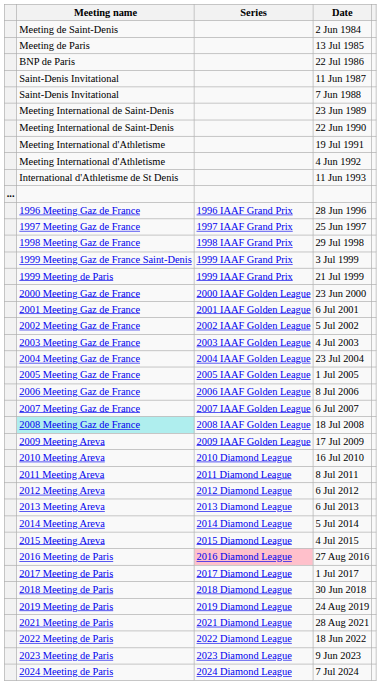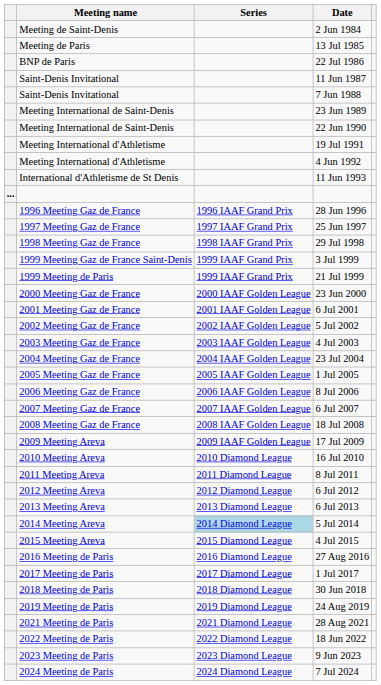 <table class="wikitable plainrowheaders sticky-header defaultleft col4right">
 <tr>
 <th scope="col"></th>
 <th scope="col">Meeting name</th>
 <th scope="col">Series</th>
 <th scope="col">Date</th>
 <th scope="col"></th>
 </tr>
 <tr>
 <th scope="row"></th>
 <td>Meeting de Saint-Denis</td>
 <td></td>
 <td>2 Jun 1984</td>
 <td></td>
 </tr>
 <tr>
 <th scope="row"></th>
 <td>Meeting de Paris</td>
 <td></td>
 <td>13 Jul 1985</td>
 <td></td>
 </tr>
 <tr>
 <th scope="row"></th>
 <td>BNP de Paris</td>
 <td></td>
 <td>22 Jul 1986</td>
 <td></td>
 </tr>
 <tr>
 <th scope="row"></th>
 <td>Saint-Denis Invitational</td>
 <td></td>
 <td>11 Jun 1987</td>
 <td></td>
 </tr>
 <tr>
 <th scope="row"></th>
 <td>Saint-Denis Invitational</td>
 <td></td>
 <td>7 Jun 1988</td>
 <td></td>
 </tr>
 <tr>
 <th scope="row"></th>
 <td>Meeting International de Saint-Denis</td>
 <td></td>
 <td>23 Jun 1989</td>
 <td></td>
 </tr>
 <tr>
 <th scope="row"></th>
 <td>Meeting International de Saint-Denis</td>
 <td></td>
 <td>22 Jun 1990</td>
 <td></td>
 </tr>
 <tr>
 <th scope="row"></th>
 <td>Meeting International d'Athletisme</td>
 <td></td>
 <td>19 Jul 1991</td>
 <td></td>
 </tr>
 <tr>
 <th scope="row"></th>
 <td>Meeting International d'Athletisme</td>
 <td></td>
 <td>4 Jun 1992</td>
 <td></td>
 </tr>
 <tr>
 <th scope="row"></th>
 <td>International d'Athletisme de St Denis</td>
 <td></td>
 <td>11 Jun 1993</td>
 <td></td>
 </tr>
 <tr>
 <th scope="row">...</th>
 <td></td>
 <td></td>
 <td></td>
 <td></td>
 </tr>
 <tr>
 <th scope="row"></th>
 <td><a href='#'>1996 Meeting Gaz de France</a></td>
 <td><a href='#'>1996 IAAF Grand Prix</a></td>
 <td>28 Jun 1996</td>
 <td></td>
 </tr>
 <tr>
 <th scope="row"></th>
 <td><a href='#'>1997 Meeting Gaz de France</a></td>
 <td><a href='#'>1997 IAAF Grand Prix</a></td>
 <td>25 Jun 1997</td>
 <td></td>
 </tr>
 <tr>
 <th scope="row"></th>
 <td><a href='#'>1998 Meeting Gaz de France</a></td>
 <td><a href='#'>1998 IAAF Grand Prix</a></td>
 <td>29 Jul 1998</td>
 <td></td>
 </tr>
 <tr>
 <th scope="row"></th>
 <td><a href='#'>1999 Meeting Gaz de France Saint-Denis</a></td>
 <td><a href='#'>1999 IAAF Grand Prix</a></td>
 <td>3 Jul 1999</td>
 <td></td>
 </tr>
 <tr>
 <th scope="row"></th>
 <td><a href='#'>1999 Meeting de Paris</a></td>
 <td><a href='#'>1999 IAAF Grand Prix</a></td>
 <td>21 Jul 1999</td>
 <td></td>
 </tr>
 <tr>
 <th scope="row"></th>
 <td><a href='#'>2000 Meeting Gaz de France</a></td>
 <td><a href='#'>2000 IAAF Golden League</a></td>
 <td>23 Jun 2000</td>
 <td></td>
 </tr>
 <tr>
 <th scope="row"></th>
 <td><a href='#'>2001 Meeting Gaz de France</a></td>
 <td><a href='#'>2001 IAAF Golden League</a></td>
 <td>6 Jul 2001</td>
 <td></td>
 </tr>
 <tr>
 <th scope="row"></th>
 <td><a href='#'>2002 Meeting Gaz de France</a></td>
 <td><a href='#'>2002 IAAF Golden League</a></td>
 <td>5 Jul 2002</td>
 <td></td>
 </tr>
 <tr>
 <th scope="row"></th>
 <td><a href='#'>2003 Meeting Gaz de France</a></td>
 <td><a href='#'>2003 IAAF Golden League</a></td>
 <td>4 Jul 2003</td>
 <td></td>
 </tr>
 <tr>
 <th scope="row"></th>
 <td><a href='#'>2004 Meeting Gaz de France</a></td>
 <td><a href='#'>2004 IAAF Golden League</a></td>
 <td>23 Jul 2004</td>
 <td></td>
 </tr>
 <tr>
 <th scope="row"></th>
 <td><a href='#'>2005 Meeting Gaz de France</a></td>
 <td><a href='#'>2005 IAAF Golden League</a></td>
 <td>1 Jul 2005</td>
 <td></td>
 </tr>
 <tr>
 <th scope="row"></th>
 <td><a href='#'>2006 Meeting Gaz de France</a></td>
 <td><a href='#'>2006 IAAF Golden League</a></td>
 <td>8 Jul 2006</td>
 <td></td>
 </tr>
 <tr>
 <th scope="row"></th>
 <td><a href='#'>2007 Meeting Gaz de France</a></td>
 <td><a href='#'>2007 IAAF Golden League</a></td>
 <td>6 Jul 2007</td>
 <td></td>
 </tr>
 <tr>
 <th scope="row"></th>
-<td style="background: paleturquoise;"><a href='#'>2008 Meeting Gaz de France</a></td>
+<td><a href='#'>2008 Meeting Gaz de France</a></td>
 <td><a href='#'>2008 IAAF Golden League</a></td>
 <td>18 Jul 2008</td>
 <td></td>
 </tr>
 <tr>
 <th scope="row"></th>
 <td><a href='#'>2009 Meeting Areva</a></td>
 <td><a href='#'>2009 IAAF Golden League</a></td>
 <td>17 Jul 2009</td>
 <td></td>
 </tr>
 <tr>
 <th scope="row"></th>
 <td><a href='#'>2010 Meeting Areva</a></td>
 <td><a href='#'>2010 Diamond League</a></td>
 <td>16 Jul 2010</td>
 <td></td>
 </tr>
 <tr>
 <th scope="row"></th>
 <td><a href='#'>2011 Meeting Areva</a></td>
 <td><a href='#'>2011 Diamond League</a></td>
 <td>8 Jul 2011</td>
 <td></td>
 </tr>
 <tr>
 <th scope="row"></th>
 <td><a href='#'>2012 Meeting Areva</a></td>
 <td><a href='#'>2012 Diamond League</a></td>
 <td>6 Jul 2012</td>
 <td></td>
 </tr>
 <tr>
 <th scope="row"></th>
 <td><a href='#'>2013 Meeting Areva</a></td>
 <td><a href='#'>2013 Diamond League</a></td>
 <td>6 Jul 2013</td>
 <td></td>
 </tr>
 <tr>
 <th scope="row"></th>
 <td><a href='#'>2014 Meeting Areva</a></td>
-<td><a href='#'>2014 Diamond League</a></td>
+<td style="background: lightblue;"><a href='#'>2014 Diamond League</a></td>
 <td>5 Jul 2014</td>
 <td></td>
 </tr>
 <tr>
 <th scope="row"></th>
 <td><a href='#'>2015 Meeting Areva</a></td>
 <td><a href='#'>2015 Diamond League</a></td>
 <td>4 Jul 2015</td>
 <td></td>
 </tr>
 <tr>
 <th scope="row"></th>
 <td><a href='#'>2016 Meeting de Paris</a></td>
-<td style="background: pink;"><a href='#'>2016 Diamond League</a></td>
+<td><a href='#'>2016 Diamond League</a></td>
 <td>27 Aug 2016</td>
 <td></td>
 </tr>
 <tr>
 <th scope="row"></th>
 <td><a href='#'>2017 Meeting de Paris</a></td>
 <td><a href='#'>2017 Diamond League</a></td>
 <td>1 Jul 2017</td>
 <td></td>
 </tr>
 <tr>
 <th scope="row"></th>
 <td><a href='#'>2018 Meeting de Paris</a></td>
 <td><a href='#'>2018 Diamond League</a></td>
 <td>30 Jun 2018</td>
 <td></td>
 </tr>
 <tr>
 <th scope="row"></th>
 <td><a href='#'>2019 Meeting de Paris</a></td>
 <td><a href='#'>2019 Diamond League</a></td>
 <td>24 Aug 2019</td>
 <td></td>
 </tr>
 <tr>
 <th scope="row"></th>
 <td><a href='#'>2021 Meeting de Paris</a></td>
 <td><a href='#'>2021 Diamond League</a></td>
 <td>28 Aug 2021</td>
 <td></td>
 </tr>
 <tr>
 <th scope="row"></th>
 <td><a href='#'>2022 Meeting de Paris</a></td>
 <td><a href='#'>2022 Diamond League</a></td>
 <td>18 Jun 2022</td>
 <td></td>
 </tr>
 <tr>
 <th scope="row"></th>
 <td><a href='#'>2023 Meeting de Paris</a></td>
 <td><a href='#'>2023 Diamond League</a></td>
 <td>9 Jun 2023</td>
 <td></td>
 </tr>
 <tr>
 <th scope="row"></th>
 <td><a href='#'>2024 Meeting de Paris</a></td>
 <td><a href='#'>2024 Diamond League</a></td>
 <td>7 Jul 2024</td>
 <td></td>
 </tr>
 </table>
